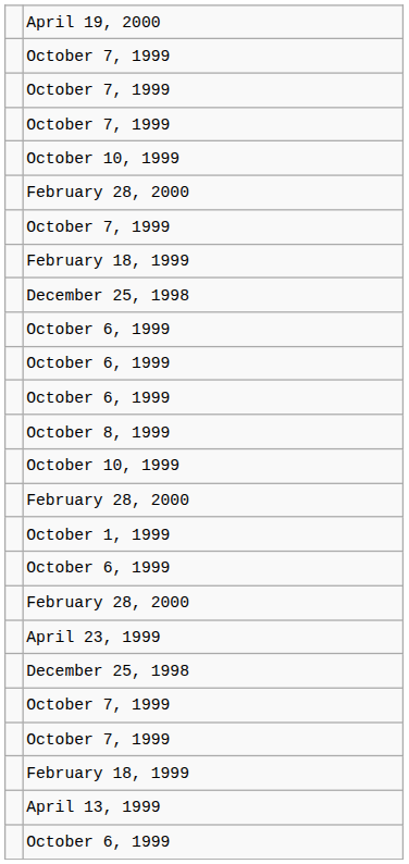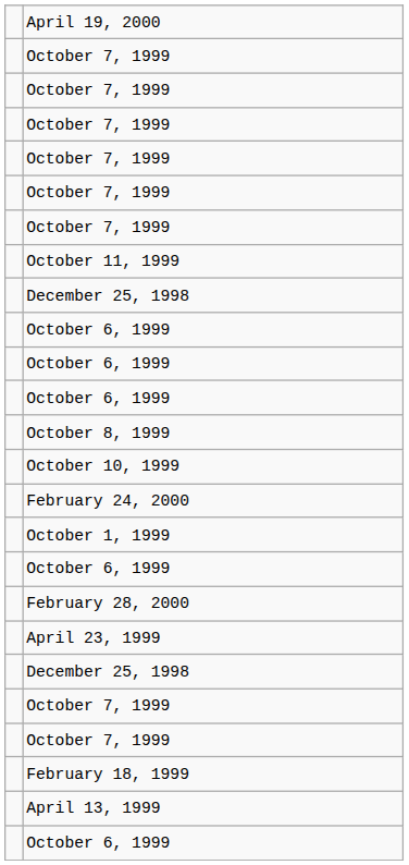 <table class="wikitable" style="font-size: 89%; float: left; width: 25em; margin-right: 1em; line-height: 1.65em !important; height: 540px;">
 <tr>
 <td></td>
 <td>April 19, 2000</td>
 </tr>
 <tr>
 <td></td>
 <td>October 7, 1999</td>
 </tr>
 <tr>
 <td></td>
 <td>October 7, 1999</td>
 </tr>
 <tr>
 <td></td>
 <td>October 7, 1999</td>
 </tr>
 <tr>
 <td></td>
-<td>October 10, 1999</td>
-</tr>
-<tr>
-<td></td>
-<td>February 28, 2000</td>
+<td>October 7, 1999</td>
 </tr>
 <tr>
 <td></td>
 <td>October 7, 1999</td>
 </tr>
 <tr>
 <td></td>
-<td>February 18, 1999</td>
+<td>October 7, 1999</td>
+</tr>
+<tr>
+<td></td>
+<td>October 11, 1999</td>
 </tr>
 <tr>
 <td></td>
 <td>December 25, 1998</td>
 </tr>
 <tr>
 <td></td>
 <td>October 6, 1999</td>
 </tr>
 <tr>
 <td></td>
 <td>October 6, 1999</td>
 </tr>
 <tr>
 <td></td>
 <td>October 6, 1999</td>
 </tr>
 <tr>
 <td></td>
 <td>October 8, 1999</td>
 </tr>
 <tr>
 <td></td>
 <td>October 10, 1999</td>
 </tr>
 <tr>
 <td></td>
-<td>February 28, 2000</td>
+<td>February 24, 2000</td>
 </tr>
 <tr>
 <td></td>
 <td>October 1, 1999</td>
 </tr>
 <tr>
 <td></td>
 <td>October 6, 1999</td>
 </tr>
 <tr>
 <td></td>
 <td>February 28, 2000</td>
 </tr>
 <tr>
 <td></td>
 <td>April 23, 1999</td>
 </tr>
 <tr>
 <td></td>
 <td>December 25, 1998</td>
 </tr>
 <tr>
 <td></td>
 <td>October 7, 1999</td>
 </tr>
 <tr>
 <td></td>
 <td>October 7, 1999</td>
 </tr>
 <tr>
 <td></td>
 <td>February 18, 1999</td>
 </tr>
 <tr>
 <td></td>
 <td>April 13, 1999</td>
 </tr>
 <tr>
 <td></td>
 <td>October 6, 1999</td>
 </tr>
 </table>
